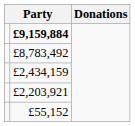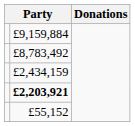 <table class="wikitable" style="text-align:right;">
 <tr>
 <th colspan="2">Party</th>
 <th>Donations</th>
 </tr>
 <tr>
 <td></td>
-<td><strong>£9,159,884</strong></td>
+<td>£9,159,884</td>
 </tr>
 <tr>
 <td></td>
 <td>£8,783,492</td>
 </tr>
 <tr>
 <td></td>
 <td>£2,434,159</td>
 </tr>
 <tr>
 <td></td>
-<td>£2,203,921</td>
+<td><strong>£2,203,921</strong></td>
 </tr>
 <tr>
 <td></td>
 <td>£55,152</td>
 </tr>
 </table>
